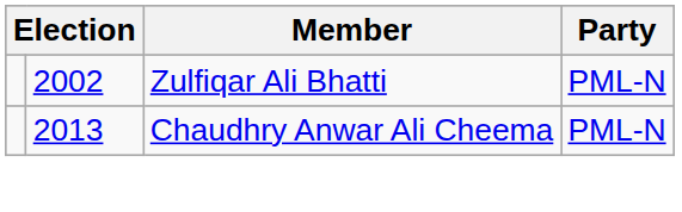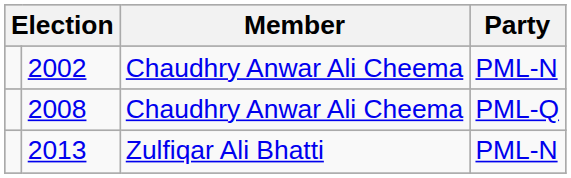 <table class="wikitable">
 <tr>
 <th colspan="2">Election</th>
 <th>Member</th>
 <th>Party</th>
 </tr>
 <tr>
 <td style="background-color: "></td>
 <td><a href='#'>2002</a></td>
-<td><a href='#'>Zulfiqar Ali Bhatti</a></td>
+<td><a href='#'>Chaudhry Anwar Ali Cheema</a></td>
 <td><a href='#'>PML-N</a></td>
 </tr>
 <tr>
 <td style="background-color: "></td>
+<td><a href='#'>2008</a></td>
+<td><a href='#'>Chaudhry Anwar Ali Cheema</a></td>
+<td><a href='#'>PML-Q</a></td>
+</tr>
+<tr>
+<td style="background-color: "></td>
 <td><a href='#'>2013</a></td>
-<td><a href='#'>Chaudhry Anwar Ali Cheema</a></td>
+<td><a href='#'>Zulfiqar Ali Bhatti</a></td>
 <td><a href='#'>PML-N</a></td>
 </tr>
 </table>
